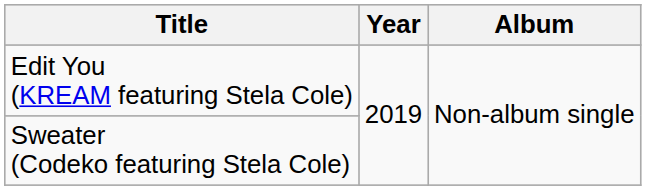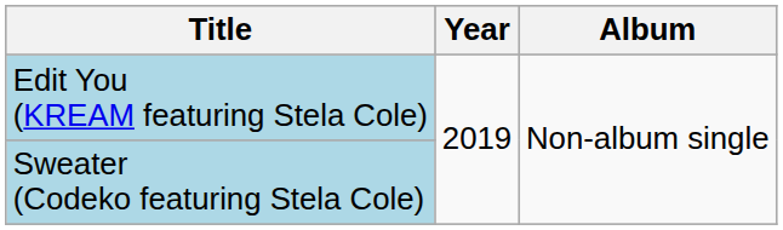 <table class="wikitable">
 <tr>
 <th>Title</th>
 <th>Year</th>
 <th>Album</th>
 </tr>
 <tr>
-<td>Edit You<br>(<a href='#'>KREAM</a> featuring Stela Cole)</td>
+<td style="background: lightblue;">Edit You<br>(<a href='#'>KREAM</a> featuring Stela Cole)</td>
 <td rowspan="2">2019</td>
 <td rowspan="2">Non-album single</td>
 </tr>
 <tr>
-<td>Sweater<br>(Codeko featuring Stela Cole)</td>
+<td style="background: lightblue;">Sweater<br>(Codeko featuring Stela Cole)</td>
 </tr>
 </table>
